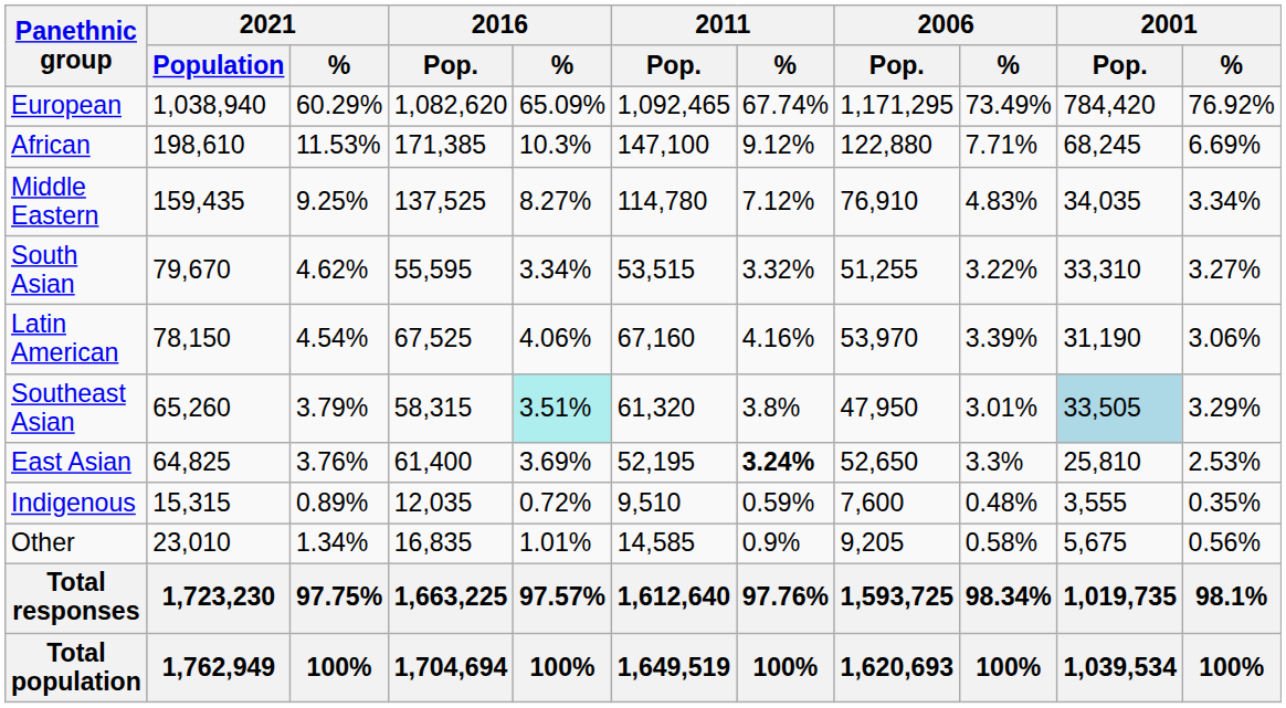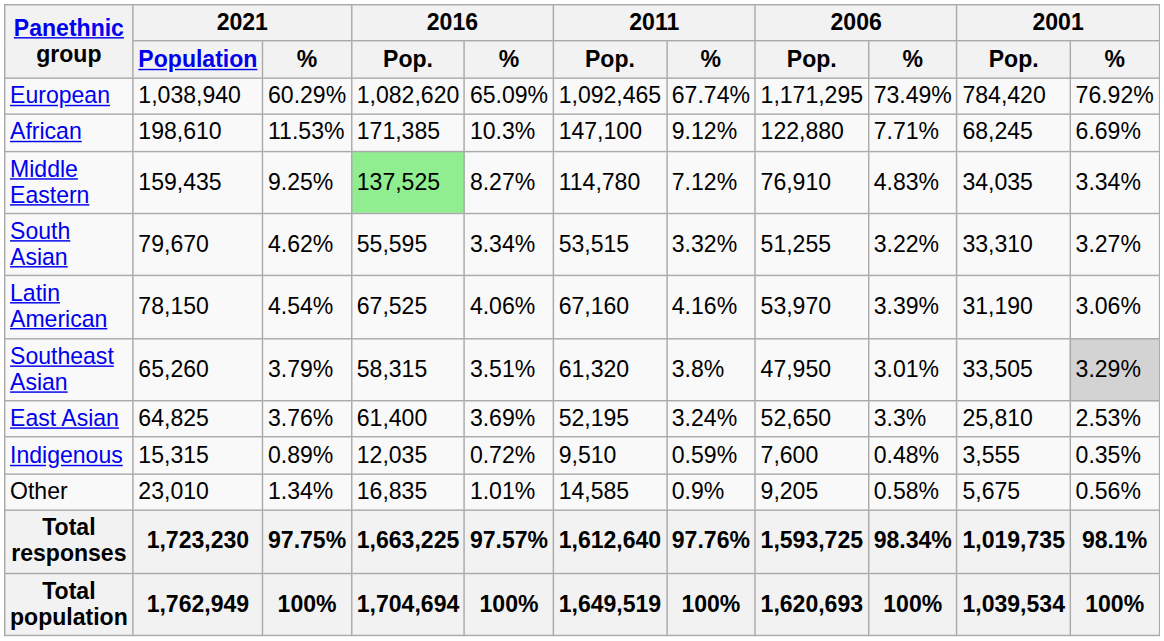 <table class="wikitable sortable mw-collapsible">
 <tr>
 <th rowspan="2"><a href='#'>Panethnic</a> group</th>
 <th colspan="2">2021</th>
 <th colspan="2">2016</th>
 <th colspan="2">2011</th>
 <th colspan="2">2006</th>
 <th colspan="2">2001</th>
 </tr>
 <tr>
 <th><a href='#'>Population</a></th>
 <th>%</th>
 <th>Pop.</th>
 <th>%</th>
 <th>Pop.</th>
 <th>%</th>
 <th>Pop.</th>
 <th>%</th>
 <th>Pop.</th>
 <th>%</th>
 </tr>
 <tr>
 <td><a href='#'>European</a></td>
 <td>1,038,940</td>
 <td>60.29%</td>
 <td>1,082,620</td>
 <td>65.09%</td>
 <td>1,092,465</td>
 <td>67.74%</td>
 <td>1,171,295</td>
 <td>73.49%</td>
 <td>784,420</td>
 <td>76.92%</td>
 </tr>
 <tr>
 <td><a href='#'>African</a></td>
 <td>198,610</td>
 <td>11.53%</td>
 <td>171,385</td>
 <td>10.3%</td>
 <td>147,100</td>
 <td>9.12%</td>
 <td>122,880</td>
 <td>7.71%</td>
 <td>68,245</td>
 <td>6.69%</td>
 </tr>
 <tr>
 <td><a href='#'>Middle Eastern</a></td>
 <td>159,435</td>
 <td>9.25%</td>
-<td>137,525</td>
+<td style="background: lightgreen;">137,525</td>
 <td>8.27%</td>
 <td>114,780</td>
 <td>7.12%</td>
 <td>76,910</td>
 <td>4.83%</td>
 <td>34,035</td>
 <td>3.34%</td>
 </tr>
 <tr>
 <td><a href='#'>South Asian</a></td>
 <td>79,670</td>
 <td>4.62%</td>
 <td>55,595</td>
 <td>3.34%</td>
 <td>53,515</td>
 <td>3.32%</td>
 <td>51,255</td>
 <td>3.22%</td>
 <td>33,310</td>
 <td>3.27%</td>
 </tr>
 <tr>
 <td><a href='#'>Latin American</a></td>
 <td>78,150</td>
 <td>4.54%</td>
 <td>67,525</td>
 <td>4.06%</td>
 <td>67,160</td>
 <td>4.16%</td>
 <td>53,970</td>
 <td>3.39%</td>
 <td>31,190</td>
 <td>3.06%</td>
 </tr>
 <tr>
 <td><a href='#'>Southeast Asian</a></td>
 <td>65,260</td>
 <td>3.79%</td>
 <td>58,315</td>
-<td style="background: paleturquoise;">3.51%</td>
+<td>3.51%</td>
 <td>61,320</td>
 <td>3.8%</td>
 <td>47,950</td>
 <td>3.01%</td>
-<td style="background: lightblue;">33,505</td>
-<td>3.29%</td>
+<td>33,505</td>
+<td style="background: lightgrey;">3.29%</td>
 </tr>
 <tr>
 <td><a href='#'>East Asian</a></td>
 <td>64,825</td>
 <td>3.76%</td>
 <td>61,400</td>
 <td>3.69%</td>
 <td>52,195</td>
-<td><strong>3.24%</strong></td>
+<td>3.24%</td>
 <td>52,650</td>
 <td>3.3%</td>
 <td>25,810</td>
 <td>2.53%</td>
 </tr>
 <tr>
 <td><a href='#'>Indigenous</a></td>
 <td>15,315</td>
 <td>0.89%</td>
 <td>12,035</td>
 <td>0.72%</td>
 <td>9,510</td>
 <td>0.59%</td>
 <td>7,600</td>
 <td>0.48%</td>
 <td>3,555</td>
 <td>0.35%</td>
 </tr>
 <tr>
 <td>Other</td>
 <td>23,010</td>
 <td>1.34%</td>
 <td>16,835</td>
 <td>1.01%</td>
 <td>14,585</td>
 <td>0.9%</td>
 <td>9,205</td>
 <td>0.58%</td>
 <td>5,675</td>
 <td>0.56%</td>
 </tr>
 <tr>
 <th>Total responses</th>
 <th>1,723,230</th>
 <th>97.75%</th>
 <th>1,663,225</th>
 <th>97.57%</th>
 <th>1,612,640</th>
 <th>97.76%</th>
 <th>1,593,725</th>
 <th>98.34%</th>
 <th>1,019,735</th>
 <th>98.1%</th>
 </tr>
 <tr>
 <th>Total population</th>
 <th>1,762,949</th>
 <th>100%</th>
 <th>1,704,694</th>
 <th>100%</th>
 <th>1,649,519</th>
 <th>100%</th>
 <th>1,620,693</th>
 <th>100%</th>
 <th>1,039,534</th>
 <th>100%</th>
 </tr>
 </table>
